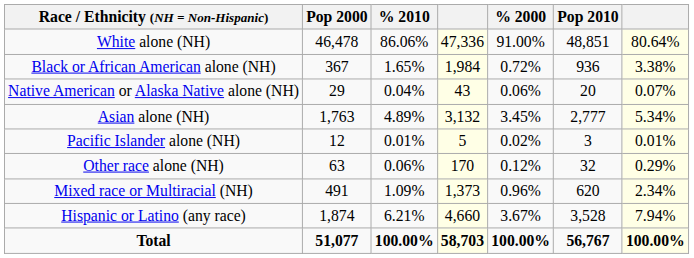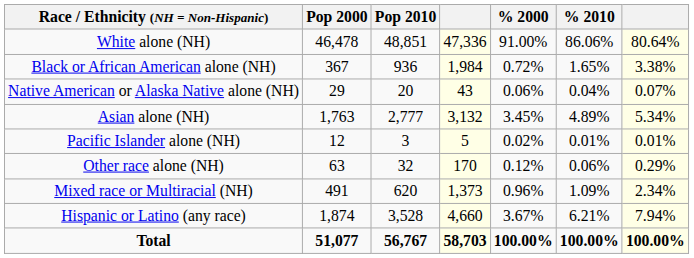 <table class="wikitable" style="text-align:center;">
 <tr>
 <th>Race / Ethnicity <small>(<em>NH = Non-Hispanic</em>)</small></th>
 <th>Pop 2000</th>
-<th>% 2010</th>
+<th>Pop 2010</th>
 <th></th>
 <th>% 2000</th>
-<th>Pop 2010</th>
+<th>% 2010</th>
 <th></th>
 </tr>
 <tr>
 <td><a href='#'>White</a> alone (NH)</td>
 <td>46,478</td>
-<td>86.06%</td>
+<td>48,851</td>
 <td style='background: #ffffe6;'>47,336</td>
 <td>91.00%</td>
-<td>48,851</td>
+<td>86.06%</td>
 <td style='background: #ffffe6;'>80.64%</td>
 </tr>
 <tr>
 <td><a href='#'>Black or African American</a> alone (NH)</td>
 <td>367</td>
-<td>1.65%</td>
+<td>936</td>
 <td style='background: #ffffe6;'>1,984</td>
 <td>0.72%</td>
-<td>936</td>
+<td>1.65%</td>
 <td style='background: #ffffe6;'>3.38%</td>
 </tr>
 <tr>
 <td><a href='#'>Native American</a> or <a href='#'>Alaska Native</a> alone (NH)</td>
 <td>29</td>
-<td>0.04%</td>
+<td>20</td>
 <td style='background: #ffffe6;'>43</td>
 <td>0.06%</td>
-<td>20</td>
+<td>0.04%</td>
 <td style='background: #ffffe6;'>0.07%</td>
 </tr>
 <tr>
 <td><a href='#'>Asian</a> alone (NH)</td>
 <td>1,763</td>
-<td>4.89%</td>
+<td>2,777</td>
 <td style='background: #ffffe6;'>3,132</td>
 <td>3.45%</td>
-<td>2,777</td>
+<td>4.89%</td>
 <td style='background: #ffffe6;'>5.34%</td>
 </tr>
 <tr>
 <td><a href='#'>Pacific Islander</a> alone (NH)</td>
 <td>12</td>
-<td>0.01%</td>
+<td>3</td>
 <td style='background: #ffffe6;'>5</td>
 <td>0.02%</td>
-<td>3</td>
+<td>0.01%</td>
 <td style='background: #ffffe6;'>0.01%</td>
 </tr>
 <tr>
 <td><a href='#'>Other race</a> alone (NH)</td>
 <td>63</td>
-<td>0.06%</td>
+<td>32</td>
 <td style='background: #ffffe6;'>170</td>
 <td>0.12%</td>
-<td>32</td>
+<td>0.06%</td>
 <td style='background: #ffffe6;'>0.29%</td>
 </tr>
 <tr>
 <td><a href='#'>Mixed race or Multiracial</a> (NH)</td>
 <td>491</td>
-<td>1.09%</td>
+<td>620</td>
 <td style='background: #ffffe6;'>1,373</td>
 <td>0.96%</td>
-<td>620</td>
+<td>1.09%</td>
 <td style='background: #ffffe6;'>2.34%</td>
 </tr>
 <tr>
 <td><a href='#'>Hispanic or Latino</a> (any race)</td>
 <td>1,874</td>
-<td>6.21%</td>
+<td>3,528</td>
 <td style='background: #ffffe6;'>4,660</td>
 <td>3.67%</td>
-<td>3,528</td>
+<td>6.21%</td>
 <td style='background: #ffffe6;'>7.94%</td>
 </tr>
 <tr>
 <td><strong>Total</strong></td>
 <td><strong>51,077</strong></td>
-<td><strong>100.00%</strong></td>
+<td><strong>56,767</strong></td>
 <td style='background: #ffffe6;'><strong>58,703</strong></td>
 <td><strong>100.00%</strong></td>
-<td><strong>56,767</strong></td>
+<td><strong>100.00%</strong></td>
 <td style='background: #ffffe6;'><strong>100.00%</strong></td>
 </tr>
 </table>
